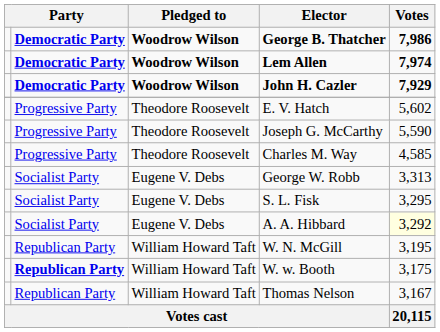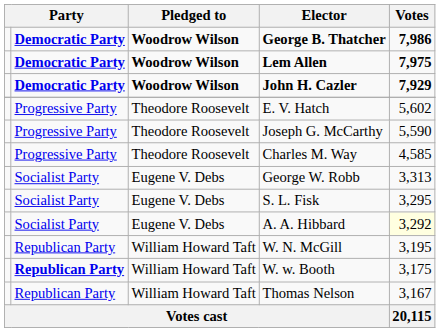 <table class="wikitable">
 <tr>
 <th colspan=2>Party</th>
 <th>Pledged to</th>
 <th>Elector</th>
 <th>Votes</th>
 </tr>
 <tr style="font-weight:bold">
 <td></td>
 <td><a href='#'>Democratic Party</a></td>
 <td>Woodrow Wilson</td>
 <td>George B. Thatcher</td>
 <td align="right">7,986</td>
 </tr>
 <tr style="font-weight:bold">
 <td></td>
 <td><a href='#'>Democratic Party</a></td>
 <td>Woodrow Wilson</td>
 <td>Lem Allen</td>
-<td align="right">7,974</td>
+<td align="right">7,975</td>
 </tr>
 <tr style="font-weight:bold">
 <td></td>
 <td><a href='#'>Democratic Party</a></td>
 <td>Woodrow Wilson</td>
 <td>John H. Cazler</td>
 <td align="right">7,929</td>
 </tr>
 <tr style="font-weight:bold">
 </tr>
 <tr>
 <td></td>
 <td><a href='#'>Progressive Party</a></td>
 <td>Theodore Roosevelt</td>
 <td>E. V. Hatch</td>
 <td align="right">5,602</td>
 </tr>
 <tr>
 <td></td>
 <td><a href='#'>Progressive Party</a></td>
 <td>Theodore Roosevelt</td>
 <td>Joseph G. McCarthy</td>
 <td align="right">5,590</td>
 </tr>
 <tr>
 <td></td>
 <td><a href='#'>Progressive Party</a></td>
 <td>Theodore Roosevelt</td>
 <td>Charles M. Way</td>
 <td align="right">4,585</td>
 </tr>
 <tr>
 <td></td>
 <td><a href='#'>Socialist Party</a></td>
 <td>Eugene V. Debs</td>
 <td>George W. Robb</td>
 <td align="right">3,313</td>
 </tr>
 <tr>
 <td></td>
 <td><a href='#'>Socialist Party</a></td>
 <td>Eugene V. Debs</td>
 <td>S. L. Fisk</td>
 <td align="right">3,295</td>
 </tr>
 <tr>
 <td></td>
 <td><a href='#'>Socialist Party</a></td>
 <td>Eugene V. Debs</td>
 <td>A. A. Hibbard</td>
 <td align="right" style="background: lightyellow;">3,292</td>
 </tr>
 <tr>
 <td></td>
 <td><a href='#'>Republican Party</a></td>
 <td>William Howard Taft</td>
 <td>W. N. McGill</td>
 <td align="right">3,195</td>
 </tr>
 <tr>
 <td></td>
 <td><strong><a href='#'>Republican Party</a></strong></td>
 <td>William Howard Taft</td>
 <td>W. w. Booth</td>
 <td align="right">3,175</td>
 </tr>
 <tr>
 <td></td>
 <td><a href='#'>Republican Party</a></td>
 <td>William Howard Taft</td>
 <td>Thomas Nelson</td>
 <td align="right">3,167</td>
 </tr>
 <tr>
 <th colspan="4">Votes cast</th>
 <th>20,115</th>
 </tr>
 </table>
